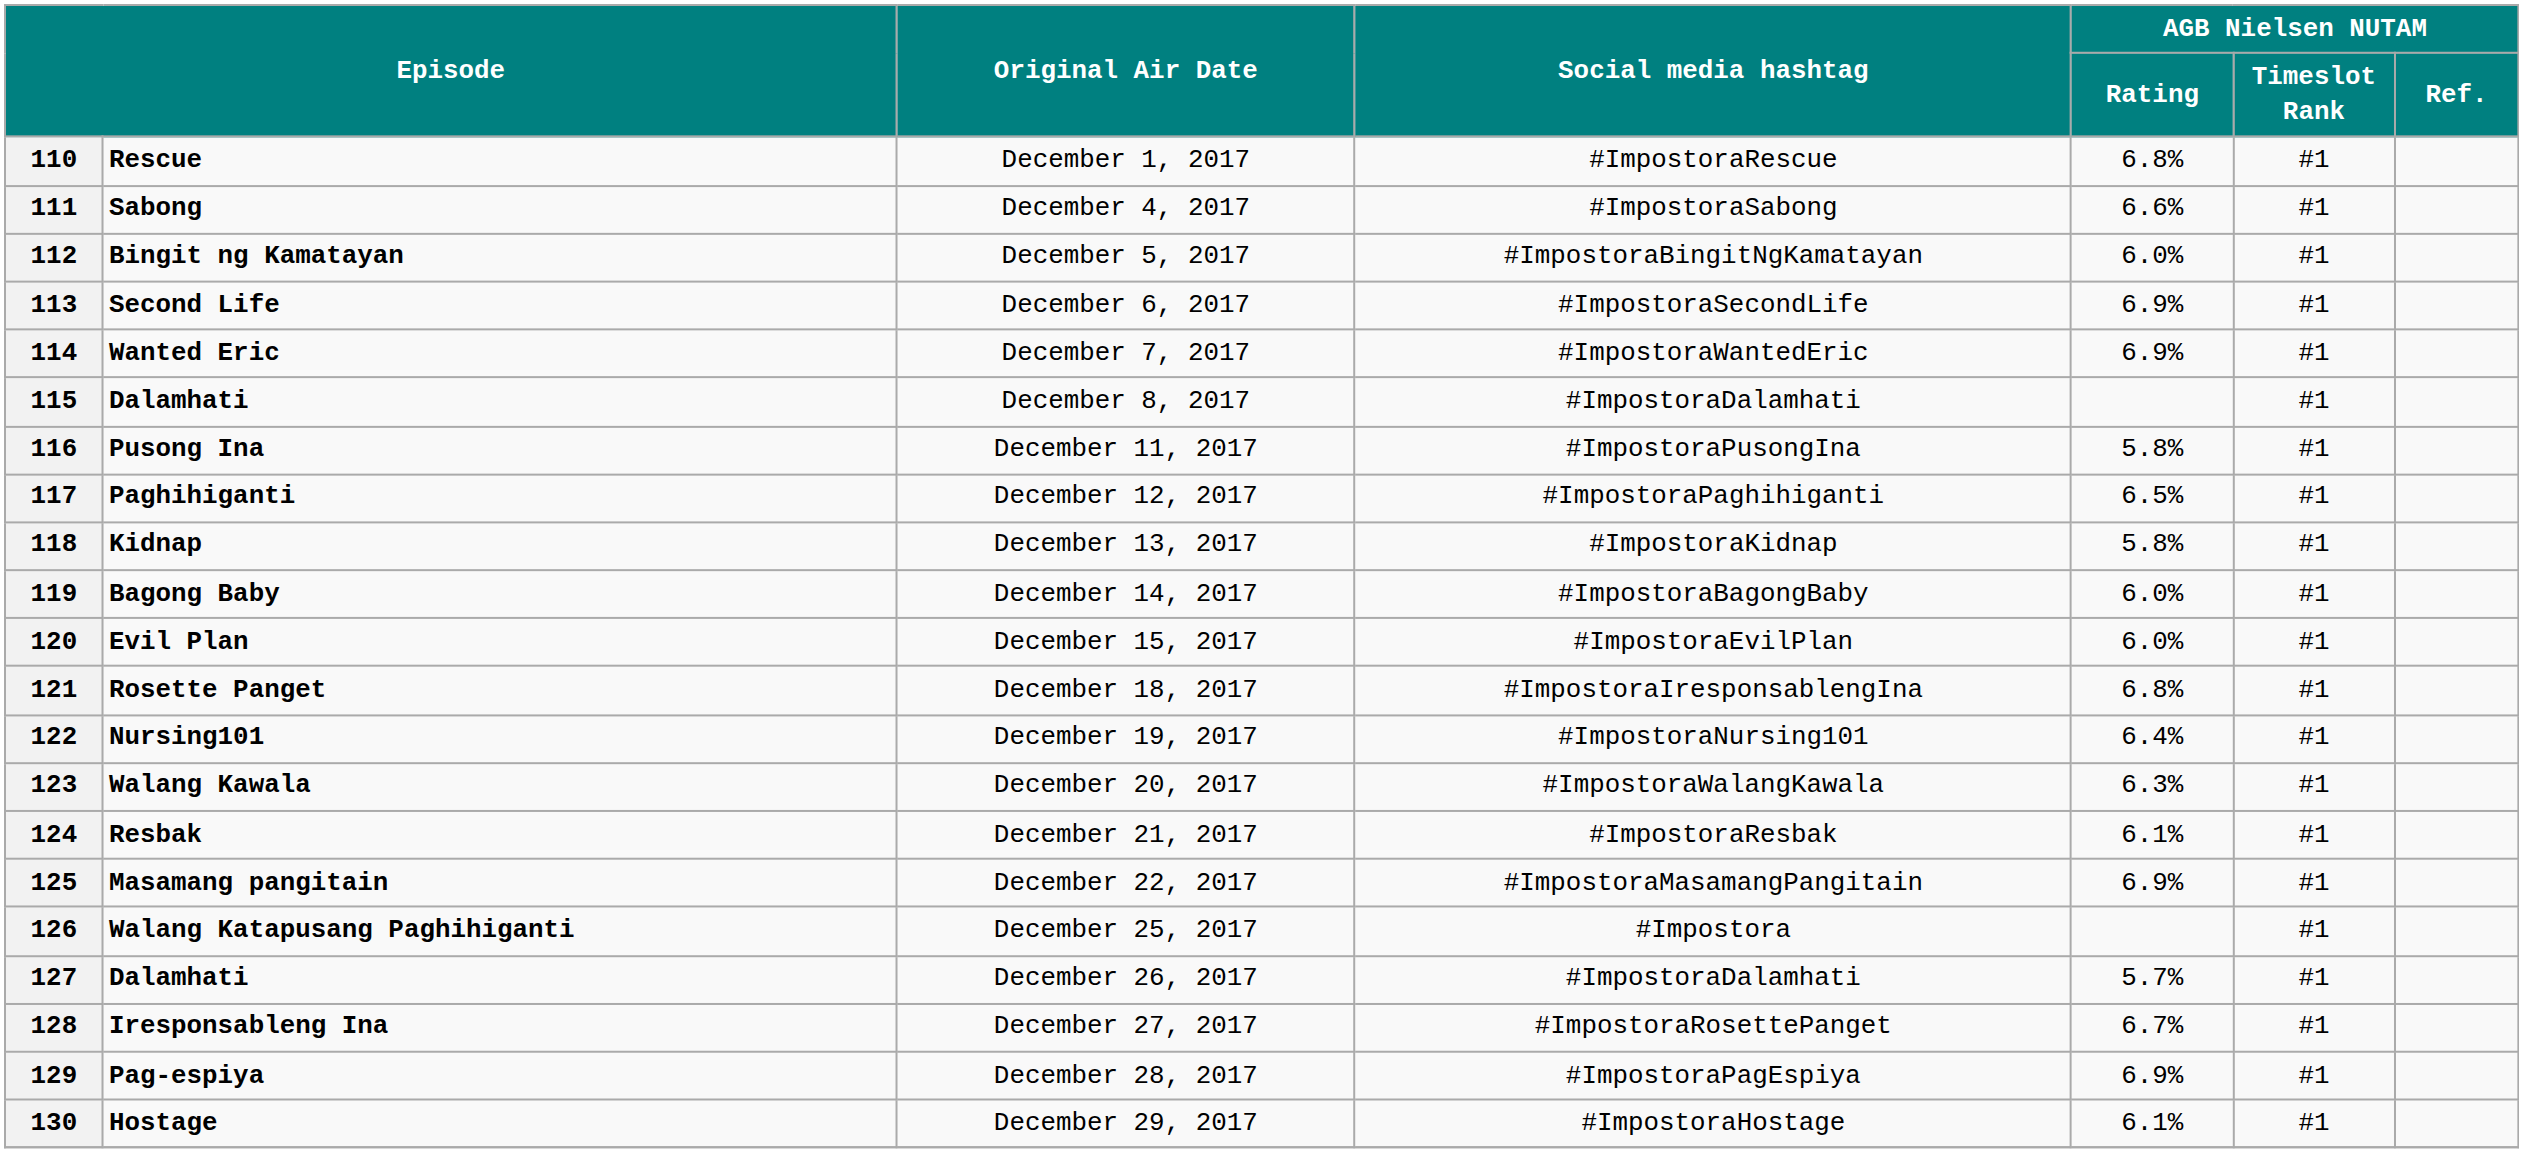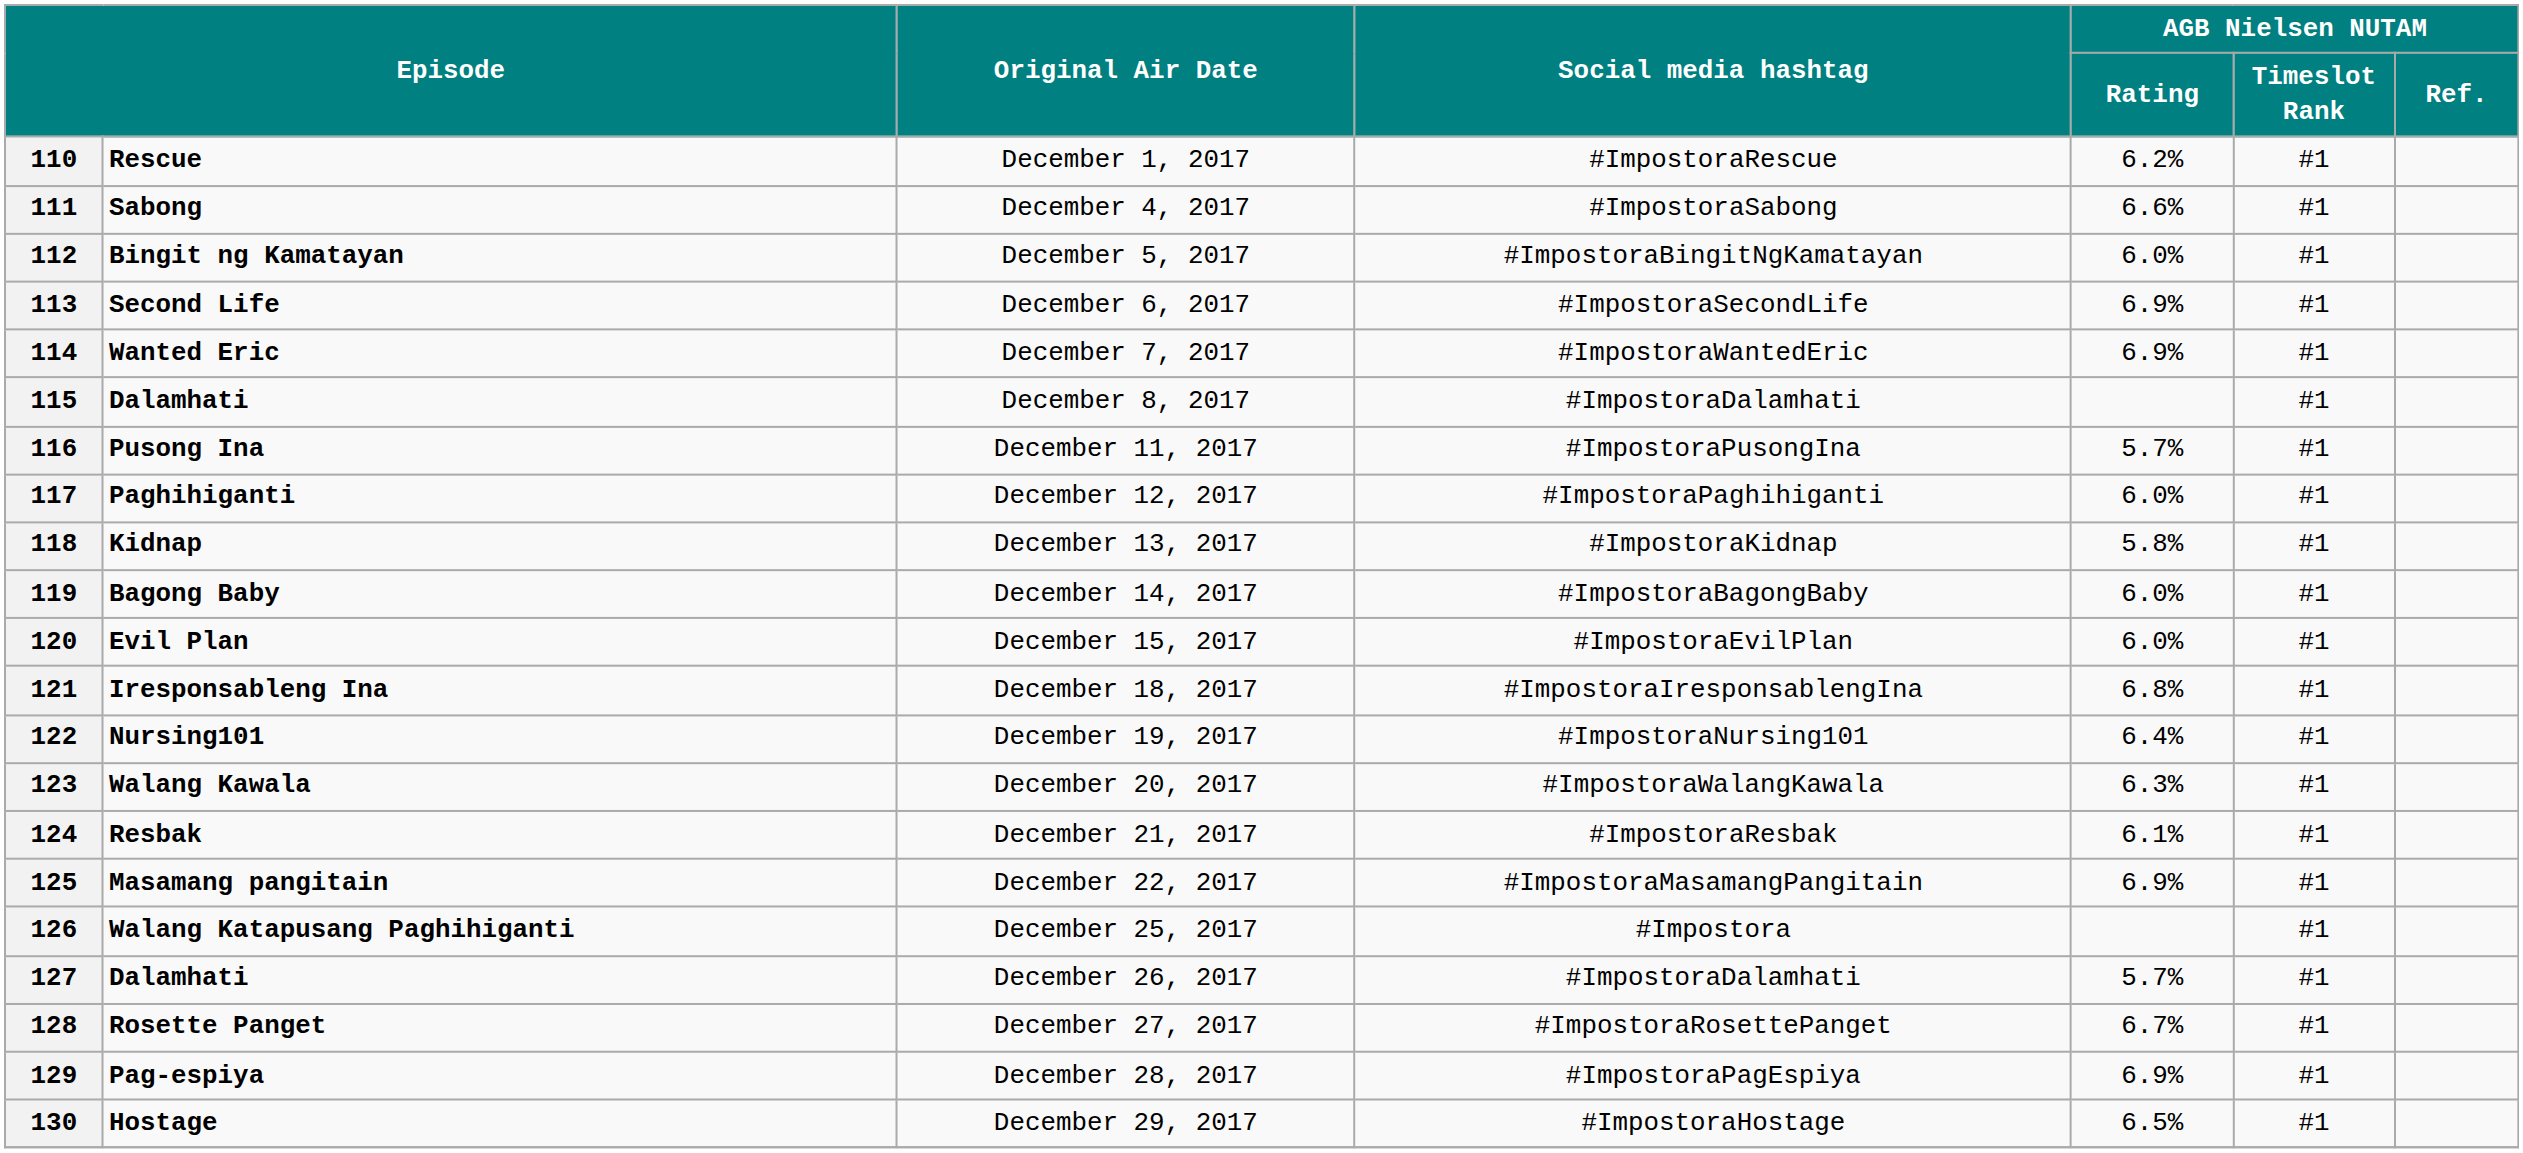 <table class="wikitable" style="text-align:center; font-size:100%; line-height:18px;"  width="100%">
 <tr>
 <th colspan="2" rowspan="2" style="background-color:#008080; color:#ffffff;">Episode</th>
 <th style="background:#008080; color:white" rowspan="2">Original Air Date</th>
 <th style="background:#008080; color:white" rowspan="2">Social media hashtag</th>
 <th style="background-color:#008080; color:#ffffff;" colspan="3">AGB Nielsen NUTAM</th>
 </tr>
 <tr>
 <th style="background-color:#008080; width:75px; color:#ffffff;">Rating</th>
 <th style="background-color:#008080; width:75px; color:#ffffff;">Timeslot<br>Rank</th>
 <th style="background-color:#008080; color:#ffffff;">Ref.</th>
 </tr>
 <tr>
 <th>110</th>
 <td style="text-align: left;"><strong>Rescue</strong></td>
 <td>December 1, 2017</td>
 <td>#ImpostoraRescue</td>
-<td>6.8%</td>
+<td>6.2%</td>
 <td>#1</td>
 <td></td>
 </tr>
 <tr>
 <th>111</th>
 <td style="text-align: left;"><strong>Sabong</strong></td>
 <td>December 4, 2017</td>
 <td>#ImpostoraSabong</td>
 <td>6.6%</td>
 <td>#1</td>
 <td></td>
 </tr>
 <tr>
 <th>112</th>
 <td style="text-align: left;"><strong>Bingit ng Kamatayan</strong></td>
 <td>December 5, 2017</td>
 <td>#ImpostoraBingitNgKamatayan</td>
 <td>6.0%</td>
 <td>#1</td>
 <td></td>
 </tr>
 <tr>
 <th>113</th>
 <td style="text-align: left;"><strong>Second Life</strong></td>
 <td>December 6, 2017</td>
 <td>#ImpostoraSecondLife</td>
 <td>6.9%</td>
 <td>#1</td>
 <td></td>
 </tr>
 <tr>
 <th>114</th>
 <td style="text-align: left;"><strong>Wanted Eric</strong></td>
 <td>December 7, 2017</td>
 <td>#ImpostoraWantedEric</td>
 <td>6.9%</td>
 <td>#1</td>
 <td></td>
 </tr>
 <tr>
 <th>115</th>
 <td style="text-align: left;"><strong>Dalamhati</strong></td>
 <td>December 8, 2017</td>
 <td>#ImpostoraDalamhati</td>
 <td></td>
 <td>#1</td>
 <td></td>
 </tr>
 <tr>
 <th>116</th>
 <td style="text-align: left;"><strong>Pusong Ina</strong></td>
 <td>December 11, 2017</td>
 <td>#ImpostoraPusongIna</td>
-<td>5.8%</td>
+<td>5.7%</td>
 <td>#1</td>
 <td></td>
 </tr>
 <tr>
 <th>117</th>
 <td style="text-align: left;"><strong>Paghihiganti</strong></td>
 <td>December 12, 2017</td>
 <td>#ImpostoraPaghihiganti</td>
-<td>6.5%</td>
+<td>6.0%</td>
 <td>#1</td>
 <td></td>
 </tr>
 <tr>
 <th>118</th>
 <td style="text-align: left;"><strong>Kidnap</strong></td>
 <td>December 13, 2017</td>
 <td>#ImpostoraKidnap</td>
 <td>5.8%</td>
 <td>#1</td>
 <td></td>
 </tr>
 <tr>
 <th>119</th>
 <td style="text-align: left;"><strong>Bagong Baby</strong></td>
 <td>December 14, 2017</td>
 <td>#ImpostoraBagongBaby</td>
 <td>6.0%</td>
 <td>#1</td>
 <td></td>
 </tr>
 <tr>
 <th>120</th>
 <td style="text-align: left;"><strong>Evil Plan</strong></td>
 <td>December 15, 2017</td>
 <td>#ImpostoraEvilPlan</td>
 <td>6.0%</td>
 <td>#1</td>
 <td></td>
 </tr>
 <tr>
 <th>121</th>
-<td style="text-align: left;"><strong>Rosette Panget</strong></td>
+<td style="text-align: left;"><strong>Iresponsableng Ina</strong></td>
 <td>December 18, 2017</td>
 <td>#ImpostoraIresponsablengIna</td>
 <td>6.8%</td>
 <td>#1</td>
 <td></td>
 </tr>
 <tr>
 <th>122</th>
 <td style="text-align: left;"><strong>Nursing101</strong></td>
 <td>December 19, 2017</td>
 <td>#ImpostoraNursing101</td>
 <td>6.4%</td>
 <td>#1</td>
 <td></td>
 </tr>
 <tr>
 <th>123</th>
 <td style="text-align: left;"><strong>Walang Kawala</strong></td>
 <td>December 20, 2017</td>
 <td>#ImpostoraWalangKawala</td>
 <td>6.3%</td>
 <td>#1</td>
 <td></td>
 </tr>
 <tr>
 <th>124</th>
 <td style="text-align: left;"><strong>Resbak</strong></td>
 <td>December 21, 2017</td>
 <td>#ImpostoraResbak</td>
 <td>6.1%</td>
 <td>#1</td>
 <td></td>
 </tr>
 <tr>
 <th>125</th>
 <td style="text-align: left;"><strong>Masamang pangitain</strong></td>
 <td>December 22, 2017</td>
 <td>#ImpostoraMasamangPangitain</td>
 <td>6.9%</td>
 <td>#1</td>
 <td></td>
 </tr>
 <tr>
 <th>126</th>
 <td style="text-align: left;"><strong>Walang Katapusang Paghihiganti</strong></td>
 <td>December 25, 2017</td>
 <td>#Impostora</td>
 <td></td>
 <td>#1</td>
 <td></td>
 </tr>
 <tr>
 <th>127</th>
 <td style="text-align: left;"><strong>Dalamhati</strong></td>
 <td>December 26, 2017</td>
 <td>#ImpostoraDalamhati</td>
 <td>5.7%</td>
 <td>#1</td>
 <td></td>
 </tr>
 <tr>
 <th>128</th>
-<td style="text-align: left;"><strong>Iresponsableng Ina</strong></td>
+<td style="text-align: left;"><strong>Rosette Panget</strong></td>
 <td>December 27, 2017</td>
 <td>#ImpostoraRosettePanget</td>
 <td>6.7%</td>
 <td>#1</td>
 <td></td>
 </tr>
 <tr>
 <th>129</th>
 <td style="text-align: left;"><strong>Pag-espiya</strong></td>
 <td>December 28, 2017</td>
 <td>#ImpostoraPagEspiya</td>
 <td>6.9%</td>
 <td>#1</td>
 <td></td>
 </tr>
 <tr>
 <th>130</th>
 <td style="text-align: left;"><strong>Hostage</strong></td>
 <td>December 29, 2017</td>
 <td>#ImpostoraHostage</td>
-<td>6.1%</td>
+<td>6.5%</td>
 <td>#1</td>
 <td></td>
 </tr>
 <tr>
 </tr>
 </table>
